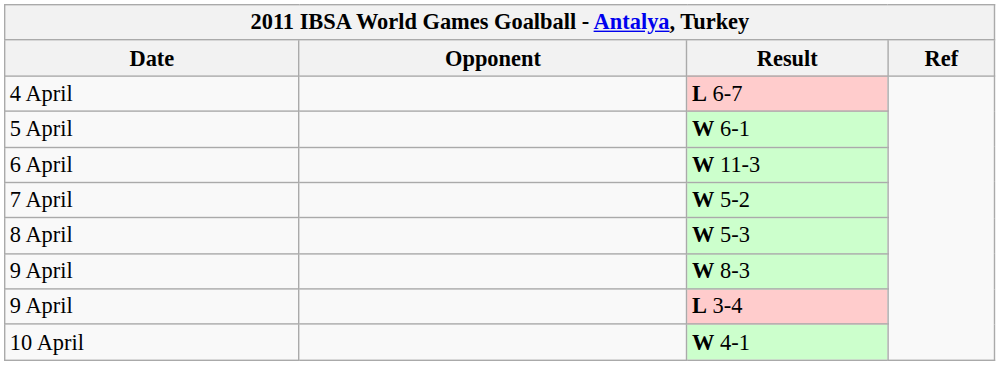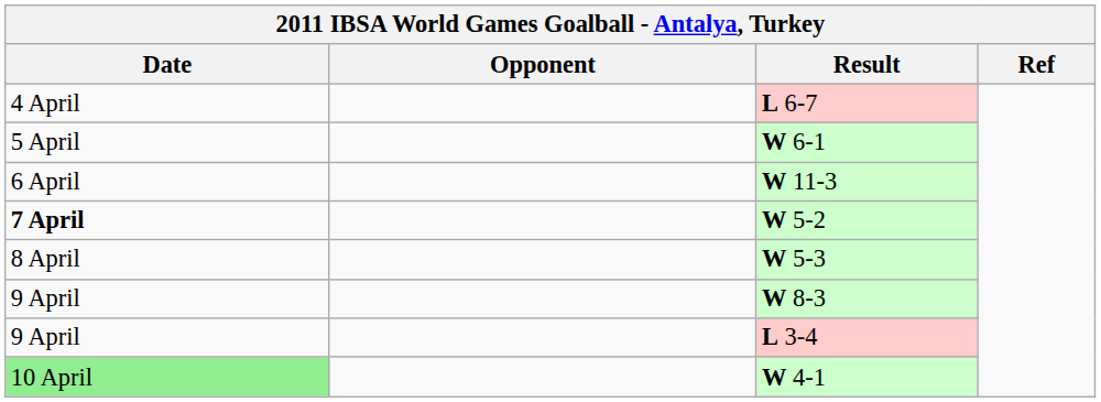 <table class="wikitable">
 <tr>
 <th width=700 colspan=4>2011 IBSA World Games Goalball - <a href='#'>Antalya</a>, Turkey </th>
 </tr>
 <tr>
 <th width=150>Date</th>
 <th width=200>Opponent</th>
 <th width=100>Result</th>
 <th width=50>Ref</th>
 </tr>
 <tr>
 <td>4 April</td>
 <td></td>
 <td bgcolor=#fcc><strong>L</strong> 6-7</td>
 <td rowspan=8></td>
 </tr>
 <tr>
 <td>5 April</td>
 <td></td>
 <td bgcolor=#cfc><strong>W</strong> 6-1</td>
 </tr>
 <tr>
 <td>6 April</td>
 <td></td>
 <td bgcolor=#cfc><strong>W</strong> 11-3</td>
 </tr>
 <tr>
-<td>7 April</td>
+<td><strong>7 April</strong></td>
 <td></td>
 <td bgcolor=#cfc><strong>W</strong> 5-2</td>
 </tr>
 <tr>
 <td>8 April</td>
 <td></td>
 <td bgcolor=#cfc><strong>W</strong> 5-3</td>
 </tr>
 <tr>
 <td>9 April</td>
 <td></td>
 <td bgcolor=#cfc><strong>W</strong> 8-3</td>
 </tr>
 <tr>
 <td>9 April</td>
 <td></td>
 <td bgcolor=#fcc><strong>L</strong> 3-4</td>
 </tr>
 <tr>
-<td>10 April</td>
+<td style="background: lightgreen;">10 April</td>
 <td></td>
 <td bgcolor=#cfc><strong>W</strong> 4-1</td>
 </tr>
 </table>
